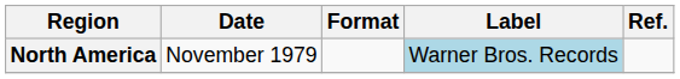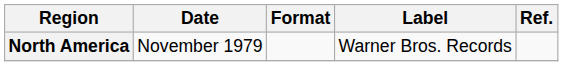 <table class="wikitable plainrowheaders">
 <tr>
 <th scope="col">Region</th>
 <th scope="col">Date</th>
 <th scope="col">Format</th>
 <th scope="col">Label</th>
 <th scope="col">Ref.</th>
 </tr>
 <tr>
 <th scope="row">North America</th>
 <td>November 1979</td>
 <td></td>
-<td style="background: lightblue;">Warner Bros. Records</td>
+<td>Warner Bros. Records</td>
 <td></td>
 </tr>
 <tr>
 </tr>
 </table>
